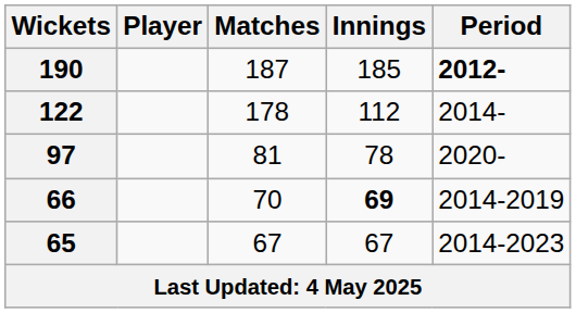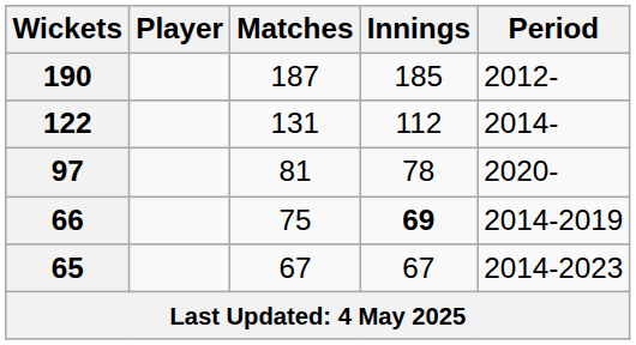 <table class="wikitable sortable" style="text-align:left;font-size:96%;">
 <tr>
 <th>Wickets</th>
 <th>Player</th>
 <th>Matches</th>
 <th>Innings</th>
 <th>Period</th>
 </tr>
 <tr>
 <th scope=row style=text-align:center;>190</th>
 <td></td>
 <td align=center>187</td>
 <td align=center>185</td>
-<td><strong>2012-</strong></td>
+<td>2012-</td>
 </tr>
 <tr>
 <th scope=row style=text-align:center;>122</th>
 <td></td>
-<td align=center>178</td>
+<td align=center>131</td>
 <td align=center>112</td>
 <td>2014-</td>
 </tr>
 <tr>
 <th scope=row style=text-align:center;>97</th>
 <td></td>
 <td align=center>81</td>
 <td align=center>78</td>
 <td>2020-</td>
 </tr>
 <tr>
 <th scope=row style=text-align:center;>66</th>
 <td></td>
-<td align=center>70</td>
+<td align=center>75</td>
 <td align=center><strong>69</strong></td>
 <td>2014-2019</td>
 </tr>
 <tr>
 <th scope=row style=text-align:center;>65</th>
 <td></td>
 <td align=center>67</td>
 <td align=center>67</td>
 <td>2014-2023</td>
 </tr>
 <tr class=sortbottom>
 <th colspan=7><small>Last Updated: 4 May 2025</small></th>
 </tr>
 </table>
